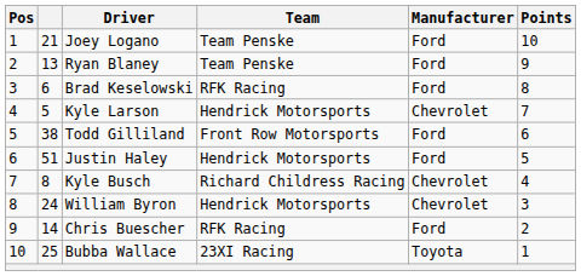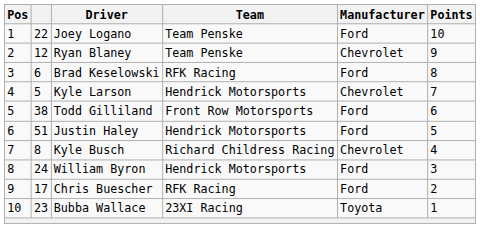 <table class="wikitable" style="font-size:98%">
 <tr>
 <th>Pos</th>
 <th></th>
 <th>Driver</th>
 <th>Team</th>
 <th>Manufacturer</th>
 <th>Points</th>
 </tr>
 <tr>
 <td>1</td>
-<td>21</td>
+<td>22</td>
 <td>Joey Logano</td>
 <td>Team Penske</td>
 <td>Ford</td>
 <td>10</td>
 </tr>
 <tr>
 <td>2</td>
-<td>13</td>
+<td>12</td>
 <td>Ryan Blaney</td>
 <td>Team Penske</td>
-<td>Ford</td>
+<td>Chevrolet</td>
 <td>9</td>
 </tr>
 <tr>
 <td>3</td>
 <td>6</td>
 <td>Brad Keselowski</td>
 <td>RFK Racing</td>
 <td>Ford</td>
 <td>8</td>
 </tr>
 <tr>
 <td>4</td>
 <td>5</td>
 <td>Kyle Larson</td>
 <td>Hendrick Motorsports</td>
 <td>Chevrolet</td>
 <td>7</td>
 </tr>
 <tr>
 <td>5</td>
 <td>38</td>
 <td>Todd Gilliland</td>
 <td>Front Row Motorsports</td>
 <td>Ford</td>
 <td>6</td>
 </tr>
 <tr>
 <td>6</td>
 <td>51</td>
 <td>Justin Haley</td>
 <td>Hendrick Motorsports</td>
 <td>Ford</td>
 <td>5</td>
 </tr>
 <tr>
 <td>7</td>
 <td>8</td>
 <td>Kyle Busch</td>
 <td>Richard Childress Racing</td>
 <td>Chevrolet</td>
 <td>4</td>
 </tr>
 <tr>
 <td>8</td>
 <td>24</td>
 <td>William Byron</td>
 <td>Hendrick Motorsports</td>
-<td>Chevrolet</td>
+<td>Ford</td>
 <td>3</td>
 </tr>
 <tr>
 <td>9</td>
-<td>14</td>
+<td>17</td>
 <td>Chris Buescher</td>
 <td>RFK Racing</td>
 <td>Ford</td>
 <td>2</td>
 </tr>
 <tr>
 <td>10</td>
-<td>25</td>
+<td>23</td>
 <td>Bubba Wallace</td>
 <td>23XI Racing</td>
 <td>Toyota</td>
 <td>1</td>
 </tr>
 <tr>
 <th colspan="6"></th>
 </tr>
 </table>
